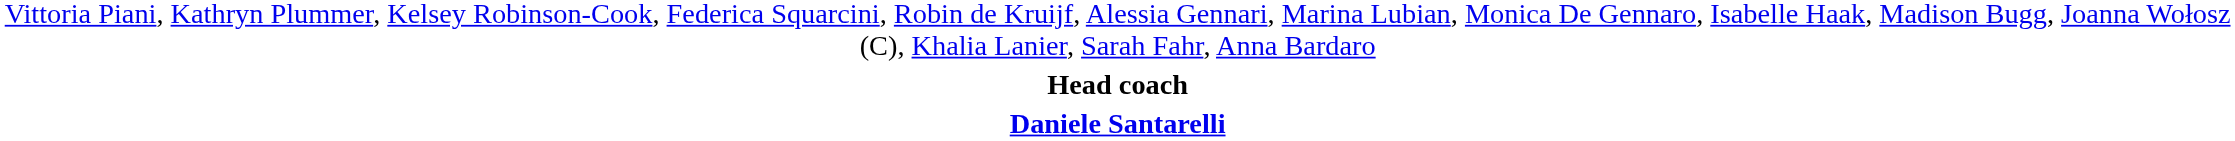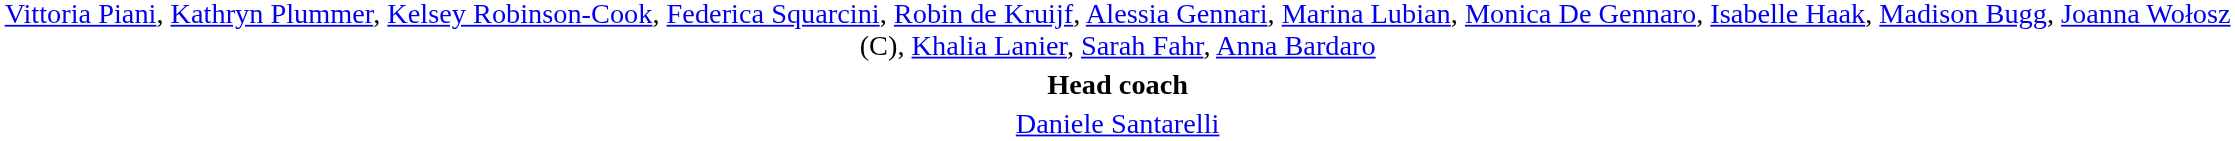 <table style="text-align: center; margin-top: 2em; margin-left: auto; margin-right: auto">
 <tr>
 <td><a href='#'>Vittoria Piani</a>, <a href='#'>Kathryn Plummer</a>, <a href='#'>Kelsey Robinson-Cook</a>, <a href='#'>Federica Squarcini</a>, <a href='#'>Robin de Kruijf</a>, <a href='#'>Alessia Gennari</a>, <a href='#'>Marina Lubian</a>, <a href='#'>Monica De Gennaro</a>, <a href='#'>Isabelle Haak</a>, <a href='#'>Madison Bugg</a>, <a href='#'>Joanna Wołosz</a> (C), <a href='#'>Khalia Lanier</a>, <a href='#'>Sarah Fahr</a>, <a href='#'>Anna Bardaro</a></td>
 </tr>
 <tr>
 <td><strong>Head coach</strong></td>
 </tr>
 <tr>
-<td><strong><a href='#'>Daniele Santarelli</a></strong></td>
+<td><a href='#'>Daniele Santarelli</a></td>
 </tr>
 </table>
